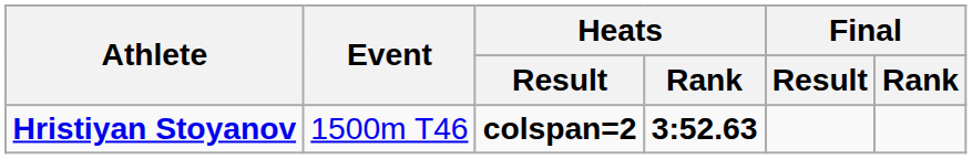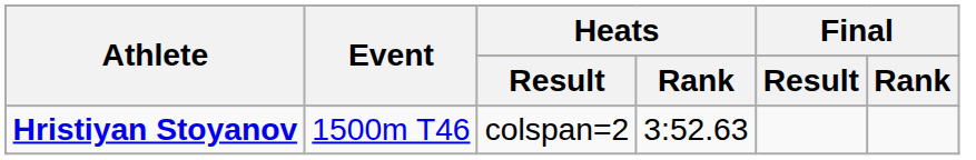 <table class=wikitable style="font-size:90%">
 <tr>
 <th rowspan="2">Athlete</th>
 <th rowspan="2">Event</th>
 <th colspan="2">Heats</th>
 <th colspan="2">Final</th>
 </tr>
 <tr>
 <th>Result</th>
 <th>Rank</th>
 <th>Result</th>
 <th>Rank</th>
 </tr>
 <tr align=center>
 <td align=left><strong><a href='#'>Hristiyan Stoyanov</a></strong></td>
 <td align=left><a href='#'>1500m T46</a></td>
-<td><strong>colspan=2 </strong></td>
-<td><strong>3:52.63</strong></td>
+<td>colspan=2 </td>
+<td>3:52.63</td>
 <td></td>
 </tr>
 </table>
